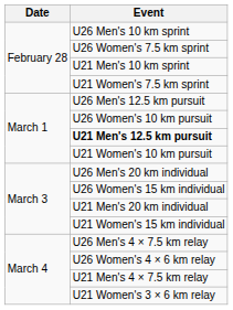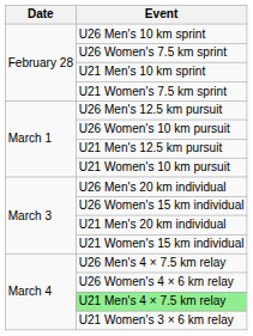 <table class="wikitable">
 <tr>
 <th>Date</th>
 <th>Event</th>
 </tr>
 <tr>
 <td rowspan=4>February 28</td>
 <td>U26 Men's 10 km sprint</td>
 </tr>
 <tr>
 <td>U26 Women's 7.5 km sprint</td>
 </tr>
 <tr>
 <td>U21 Men's 10 km sprint</td>
 </tr>
 <tr>
 <td>U21 Women's 7.5 km sprint</td>
 </tr>
 <tr>
 <td rowspan=4>March 1</td>
 <td>U26 Men's 12.5 km pursuit</td>
 </tr>
 <tr>
 <td>U26 Women's 10 km pursuit</td>
 </tr>
 <tr>
-<td><strong>U21 Men's 12.5 km pursuit</strong></td>
+<td>U21 Men's 12.5 km pursuit</td>
 </tr>
 <tr>
 <td>U21 Women's 10 km pursuit</td>
 </tr>
 <tr>
 <td rowspan=4>March 3</td>
 <td>U26 Men's 20 km individual</td>
 </tr>
 <tr>
 <td>U26 Women's 15 km individual</td>
 </tr>
 <tr>
 <td>U21 Men's 20 km individual</td>
 </tr>
 <tr>
 <td>U21 Women's 15 km individual</td>
 </tr>
 <tr>
 <td rowspan=4>March 4</td>
 <td>U26 Men's 4 × 7.5 km relay</td>
 </tr>
 <tr>
 <td>U26 Women's 4 × 6 km relay</td>
 </tr>
 <tr>
-<td>U21 Men's 4 × 7.5 km relay</td>
+<td style="background: lightgreen;">U21 Men's 4 × 7.5 km relay</td>
 </tr>
 <tr>
 <td>U21 Women's 3 × 6 km relay</td>
 </tr>
 </table>
